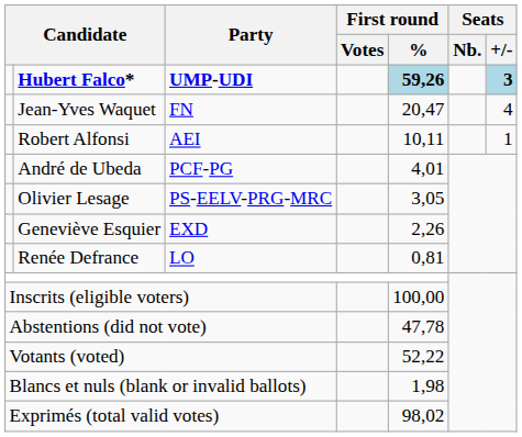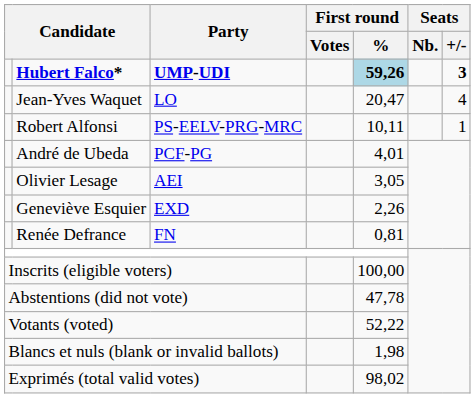 <table class="wikitable centre">
 <tr>
 <th scope="col" rowspan=2 colspan=2>Candidate</th>
 <th scope="col" rowspan=2 colspan=1>Party</th>
 <th scope="col" colspan=2>First round</th>
 <th scope="col" colspan=2>Seats</th>
 </tr>
 <tr>
 <th scope="col">Votes</th>
 <th scope="col">%</th>
 <th scope="col">Nb.</th>
 <th scope="col">+/-</th>
 </tr>
 <tr>
 <td style="color:inherit;background:"></td>
 <td><strong><a href='#'>Hubert Falco</a>*</strong></td>
 <td><strong><a href='#'>UMP</a>-<a href='#'>UDI</a></strong></td>
 <td style="text-align: right"><strong></strong></td>
 <td style="background: lightblue; text-align: right"><strong>59,26</strong></td>
 <td style="text-align: right"><strong></strong></td>
-<td style="background: lightblue; text-align: right"><strong> 3</strong></td>
+<td style="text-align: right"><strong> 3</strong></td>
 </tr>
 <tr>
 <td style="color:inherit;background:"></td>
 <td>Jean-Yves Waquet</td>
-<td><a href='#'>FN</a></td>
+<td><a href='#'>LO</a></td>
 <td style="text-align: right"></td>
 <td style="text-align: right">20,47</td>
 <td style="text-align: right"></td>
 <td style="text-align: right"> 4</td>
 </tr>
 <tr>
 <td style="color:inherit;background:"></td>
 <td>Robert Alfonsi</td>
-<td><a href='#'>AEI</a></td>
+<td><a href='#'>PS</a>-<a href='#'>EELV</a>-<a href='#'>PRG</a>-<a href='#'>MRC</a></td>
 <td style="text-align: right"></td>
 <td style="text-align: right">10,11</td>
 <td style="text-align: right"></td>
 <td style="text-align: right"> 1</td>
 </tr>
 <tr>
 <td style="color:inherit;background:"></td>
 <td>André de Ubeda</td>
 <td><a href='#'>PCF</a>-<a href='#'>PG</a></td>
 <td style="text-align: right"></td>
 <td style="text-align: right">4,01</td>
 <td colspan=7 rowspan=4></td>
 </tr>
 <tr>
 <td style="color:inherit;background:"></td>
 <td>Olivier Lesage</td>
-<td><a href='#'>PS</a>-<a href='#'>EELV</a>-<a href='#'>PRG</a>-<a href='#'>MRC</a></td>
+<td><a href='#'>AEI</a></td>
 <td style="text-align: right"></td>
 <td style="text-align: right">3,05</td>
 </tr>
 <tr>
 <td style="color:inherit;background:"></td>
 <td>Geneviève Esquier</td>
 <td><a href='#'>EXD</a></td>
 <td style="text-align: right"></td>
 <td style="text-align: right">2,26</td>
 </tr>
 <tr>
 <td style="color:inherit;background:"></td>
 <td>Renée Defrance</td>
-<td><a href='#'>LO</a></td>
+<td><a href='#'>FN</a></td>
 <td style="text-align: right"></td>
 <td style="text-align: right">0,81</td>
 </tr>
 <tr bgcolor=white>
 <td colspan=5></td>
 </tr>
 <tr>
 <td colspan=3>Inscrits (eligible voters)</td>
 <td style="text-align: right"></td>
 <td style="text-align: right">100,00</td>
 </tr>
 <tr>
 <td colspan=3>Abstentions (did not vote)</td>
 <td style="text-align: right"></td>
 <td style="text-align: right">47,78</td>
 </tr>
 <tr>
 <td colspan=3>Votants (voted)</td>
 <td style="text-align: right"></td>
 <td style="text-align: right">52,22</td>
 </tr>
 <tr>
 <td colspan=3>Blancs et nuls (blank or invalid ballots)</td>
 <td style="text-align: right"></td>
 <td style="text-align: right">1,98</td>
 </tr>
 <tr>
 <td colspan=3>Exprimés (total valid votes)</td>
 <td style="text-align: right"></td>
 <td style="text-align: right">98,02</td>
 </tr>
 </table>
